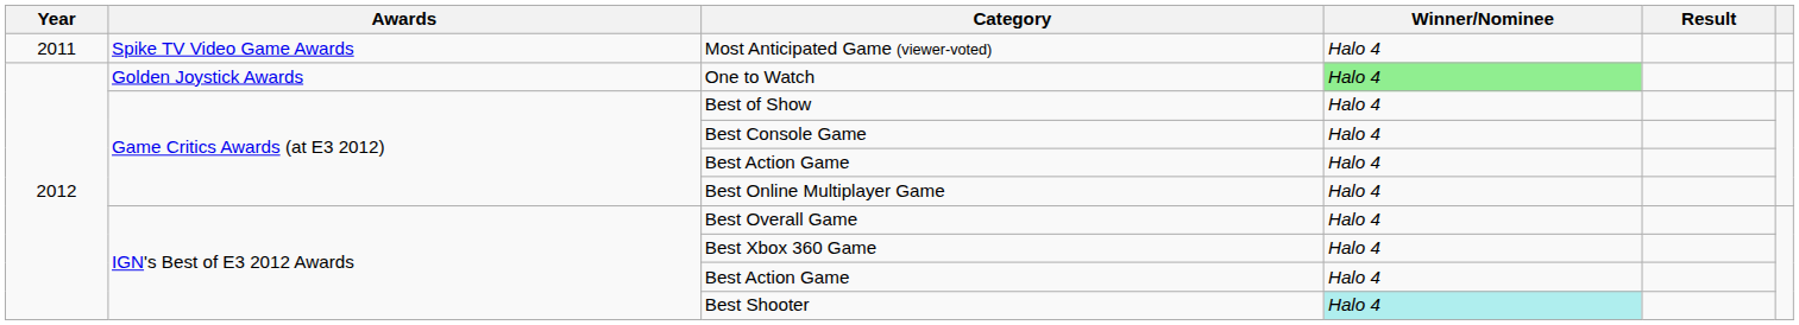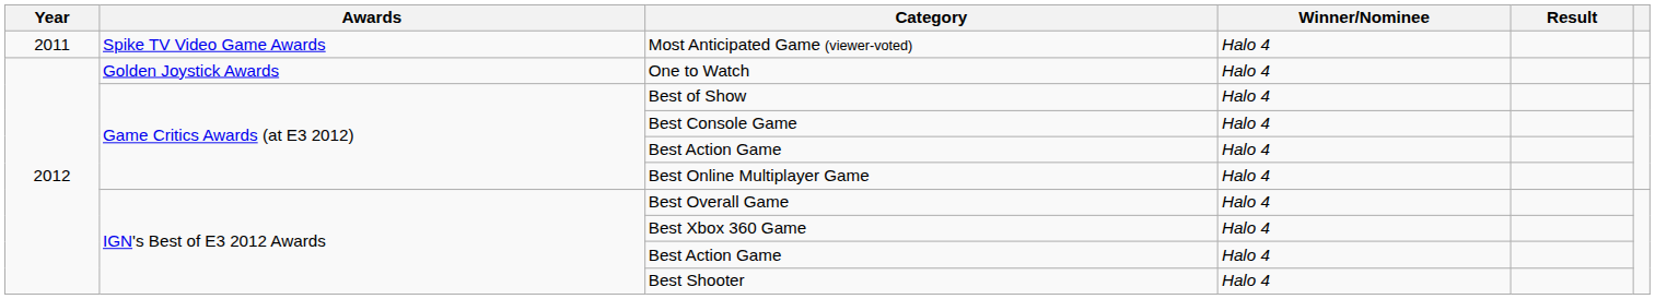 <table class="wikitable mw-collapsible mw-collapsed" style="width:100%;">
 <tr>
 <th>Year</th>
 <th>Awards</th>
 <th>Category</th>
 <th>Winner/Nominee</th>
 <th>Result</th>
 <th></th>
 </tr>
 <tr>
 <td style="text-align:center;">2011</td>
 <td><a href='#'>Spike TV Video Game Awards</a></td>
 <td>Most Anticipated Game <small>(viewer-voted)</small></td>
 <td><em>Halo 4</em></td>
 <td></td>
 <td style="text-align:center;"></td>
 </tr>
 <tr>
 <td rowspan="9" style="text-align:center;">2012</td>
 <td><a href='#'>Golden Joystick Awards</a></td>
 <td>One to Watch</td>
-<td style="background: lightgreen;"><em>Halo 4</em></td>
+<td><em>Halo 4</em></td>
 <td></td>
 <td style="text-align:center;"></td>
 </tr>
 <tr>
 <td rowspan="4"><a href='#'>Game Critics Awards</a> (at E3 2012)</td>
 <td>Best of Show</td>
 <td><em>Halo 4</em></td>
 <td></td>
 <td rowspan="4" style="text-align:center;"><br></td>
 </tr>
 <tr>
 <td>Best Console Game</td>
 <td><em>Halo 4</em></td>
 <td></td>
 </tr>
 <tr>
 <td>Best Action Game</td>
 <td><em>Halo 4</em></td>
 <td></td>
 </tr>
 <tr>
 <td>Best Online Multiplayer Game</td>
 <td><em>Halo 4</em></td>
 <td></td>
 </tr>
 <tr>
 <td rowspan="4"><a href='#'>IGN</a>'s Best of E3 2012 Awards</td>
 <td>Best Overall Game</td>
 <td><em>Halo 4</em></td>
 <td></td>
 <td rowspan="4" style="text-align:center;"></td>
 </tr>
 <tr>
 <td>Best Xbox 360 Game</td>
 <td><em>Halo 4</em></td>
 <td></td>
 </tr>
 <tr>
 <td>Best Action Game</td>
 <td><em>Halo 4</em></td>
 <td></td>
 </tr>
 <tr>
 <td>Best Shooter</td>
-<td style="background: paleturquoise;"><em>Halo 4</em></td>
+<td><em>Halo 4</em></td>
 <td></td>
 </tr>
 </table>
